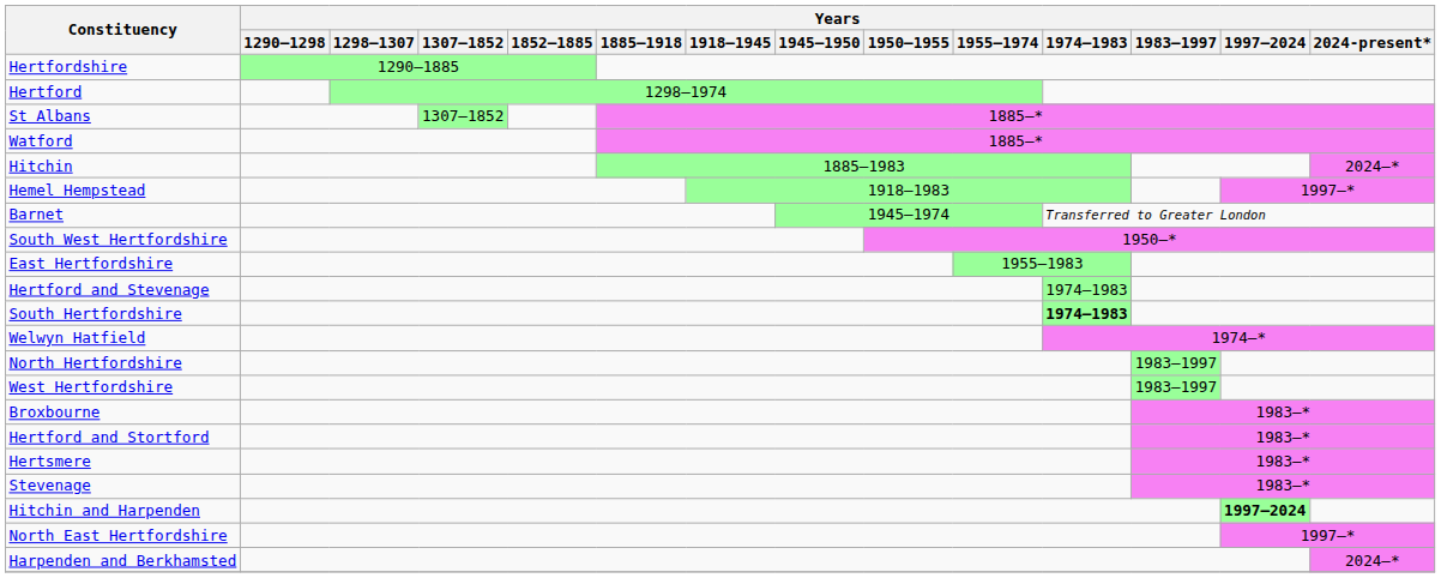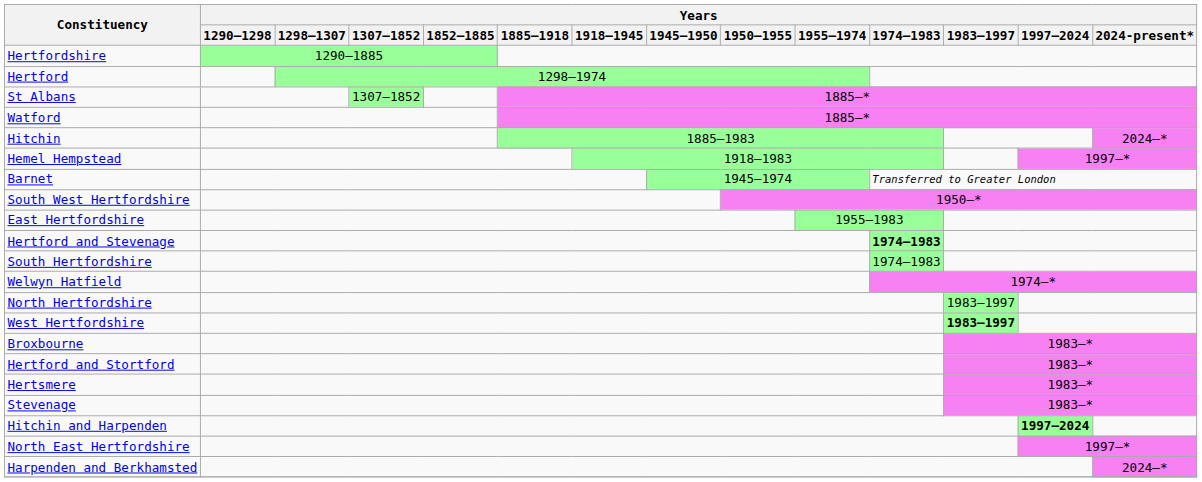 <table class="wikitable">
 <tr>
 <th rowspan="2">Constituency</th>
 <th colspan="13" align="center">Years</th>
 </tr>
 <tr>
 <th>1290–1298</th>
 <th>1298–1307</th>
 <th>1307–1852</th>
 <th>1852–1885</th>
 <th>1885–1918</th>
 <th>1918–1945</th>
 <th>1945–1950</th>
 <th>1950–1955</th>
 <th>1955–1974</th>
 <th>1974–1983</th>
 <th>1983–1997</th>
 <th>1997–2024</th>
 <th>2024-present*</th>
 </tr>
 <tr>
 <td><a href='#'>Hertfordshire</a></td>
 <td align="center" bgcolor="#99ff99" colspan="4">1290–1885</td>
 <td colspan="9"> </td>
 </tr>
 <tr>
 <td><a href='#'>Hertford</a></td>
 <td colspan="1"> </td>
 <td align="center" bgcolor="#99ff99" colspan="8">1298–1974</td>
 <td colspan="4"></td>
 </tr>
 <tr>
 <td><a href='#'>St Albans</a></td>
 <td colspan="2"> </td>
 <td align="center" bgcolor="#99ff99" colspan="1">1307–1852</td>
 <td colspan="1"> </td>
 <td align="center" bgcolor="#f781f3" colspan="9">1885–*</td>
 </tr>
 <tr>
 <td><a href='#'>Watford</a></td>
 <td colspan="4"> </td>
 <td align="center" bgcolor="#f781f3" colspan="9">1885–*</td>
 </tr>
 <tr>
 <td><a href='#'>Hitchin</a></td>
 <td colspan="4"> </td>
 <td align="center" bgcolor="#99ff99" colspan="6">1885–1983</td>
 <td colspan="2"></td>
 <td align="center" bgcolor="#f781f3">2024–*</td>
 </tr>
 <tr>
 <td><a href='#'>Hemel Hempstead</a></td>
 <td colspan="5"> </td>
 <td align="center" bgcolor="#99ff99" colspan="5">1918–1983</td>
 <td align="center"></td>
 <td colspan="2" align="center" bgcolor="#f781f3">1997–*</td>
 </tr>
 <tr>
 <td><a href='#'>Barnet</a></td>
 <td colspan="6"> </td>
 <td align="center" bgcolor="#99ff99" colspan="3">1945–1974</td>
 <td colspan="4"><small><em>Transferred to Greater London</em></small></td>
 </tr>
 <tr>
 <td><a href='#'>South West Hertfordshire</a></td>
 <td colspan="7"> </td>
 <td align="center" bgcolor="#f781f3" colspan="6">1950–*</td>
 </tr>
 <tr>
 <td><a href='#'>East Hertfordshire</a></td>
 <td colspan="8"> </td>
 <td align="center" bgcolor="#99ff99" colspan="2">1955–1983</td>
 <td colspan="3"></td>
 </tr>
 <tr>
 <td><a href='#'>Hertford and Stevenage</a></td>
 <td colspan="9"> </td>
-<td align="center" bgcolor="#99ff99">1974–1983</td>
+<td align="center" bgcolor="#99ff99"><strong>1974–1983</strong></td>
 <td colspan="3"></td>
 </tr>
 <tr>
 <td><a href='#'>South Hertfordshire</a></td>
 <td colspan="9"> </td>
-<td align="center" bgcolor="#99ff99"><strong>1974–1983</strong></td>
+<td align="center" bgcolor="#99ff99">1974–1983</td>
 <td colspan="3"></td>
 </tr>
 <tr>
 <td><a href='#'>Welwyn Hatfield</a></td>
 <td colspan="9"> </td>
 <td align="center" bgcolor="#f781f3" colspan="4">1974–*</td>
 </tr>
 <tr>
 <td><a href='#'>North Hertfordshire</a></td>
 <td colspan="10"> </td>
 <td align="center" bgcolor="#99ff99">1983–1997</td>
 <td colspan="2"></td>
 </tr>
 <tr>
 <td><a href='#'>West Hertfordshire</a></td>
 <td colspan="10"> </td>
-<td align="center" bgcolor="#99ff99">1983–1997</td>
+<td align="center" bgcolor="#99ff99"><strong>1983–1997</strong></td>
 <td colspan="2"></td>
 </tr>
 <tr>
 <td><a href='#'>Broxbourne</a></td>
 <td colspan="10"> </td>
 <td align="center" bgcolor="#f781f3" colspan="3">1983–*</td>
 </tr>
 <tr>
 <td><a href='#'>Hertford and Stortford</a></td>
 <td colspan="10"> </td>
 <td align="center" bgcolor="#f781f3" colspan="3">1983–*</td>
 </tr>
 <tr>
 <td><a href='#'>Hertsmere</a></td>
 <td colspan="10"> </td>
 <td align="center" bgcolor="#f781f3" colspan="3">1983–*</td>
 </tr>
 <tr>
 <td><a href='#'>Stevenage</a></td>
 <td colspan="10"></td>
 <td align="center" bgcolor="#f781f3" colspan="3">1983–*</td>
 </tr>
 <tr>
 <td><a href='#'>Hitchin and Harpenden</a></td>
 <td colspan="11"> </td>
 <td align="center" bgcolor="#99ff99"><strong>1997–2024</strong></td>
 <td></td>
 </tr>
 <tr>
 <td><a href='#'>North East Hertfordshire</a></td>
 <td colspan="11"> </td>
 <td colspan="2" align="center" bgcolor="#f781f3">1997–*</td>
 </tr>
 <tr>
 <td><a href='#'>Harpenden and Berkhamsted</a></td>
 <td colspan="12"> </td>
 <td align="center" bgcolor="#f781f3">2024–*</td>
 </tr>
 <tr>
 </tr>
 </table>
